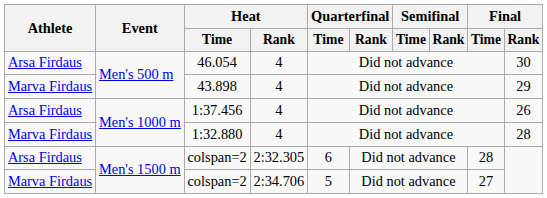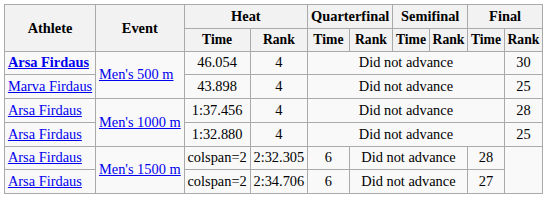 <table class="wikitable" style="font-size:90%">
 <tr>
 <th rowspan=2>Athlete</th>
 <th rowspan=2>Event</th>
 <th colspan=2>Heat</th>
 <th colspan=2>Quarterfinal</th>
 <th colspan=2>Semifinal</th>
 <th colspan=2>Final</th>
 </tr>
 <tr style="font-size:95%">
 <th>Time</th>
 <th>Rank</th>
 <th>Time</th>
 <th>Rank</th>
 <th>Time</th>
 <th>Rank</th>
 <th>Time</th>
 <th>Rank</th>
 </tr>
 <tr align=center>
-<td align=left><a href='#'>Arsa Firdaus</a></td>
+<td align=left><strong><a href='#'>Arsa Firdaus</a></strong></td>
 <td align=left rowspan=2><a href='#'>Men's 500 m</a></td>
 <td>46.054</td>
 <td>4</td>
 <td colspan=5>Did not advance</td>
 <td>30</td>
 </tr>
 <tr align=center>
 <td align=left><a href='#'>Marva Firdaus</a></td>
 <td>43.898</td>
 <td>4</td>
 <td colspan=5>Did not advance</td>
-<td>29</td>
+<td>25</td>
 </tr>
 <tr align=center>
 <td align=left><a href='#'>Arsa Firdaus</a></td>
 <td align=left rowspan=2><a href='#'>Men's 1000 m</a></td>
 <td>1:37.456</td>
 <td>4</td>
 <td colspan=5>Did not advance</td>
-<td>26</td>
+<td>28</td>
 </tr>
 <tr align=center>
-<td align=left><a href='#'>Marva Firdaus</a></td>
+<td align=left><a href='#'>Arsa Firdaus</a></td>
 <td>1:32.880</td>
 <td>4</td>
 <td colspan=5>Did not advance</td>
-<td>28</td>
+<td>25</td>
 </tr>
 <tr align=center>
 <td align=left><a href='#'>Arsa Firdaus</a></td>
 <td align=left rowspan=2><a href='#'>Men's 1500 m</a></td>
 <td>colspan=2 </td>
 <td>2:32.305</td>
 <td>6</td>
 <td colspan=3>Did not advance</td>
 <td>28</td>
 </tr>
 <tr align=center>
-<td align=left><a href='#'>Marva Firdaus</a></td>
+<td align=left><a href='#'>Arsa Firdaus</a></td>
 <td>colspan=2 </td>
 <td>2:34.706</td>
-<td>5</td>
+<td>6</td>
 <td colspan=3>Did not advance</td>
 <td>27</td>
 </tr>
 </table>
